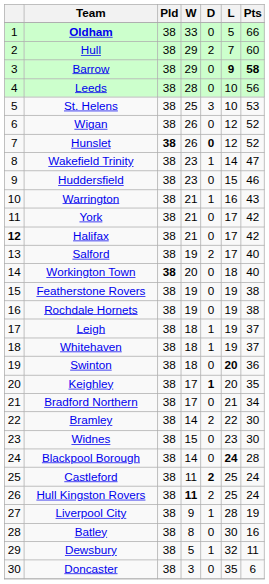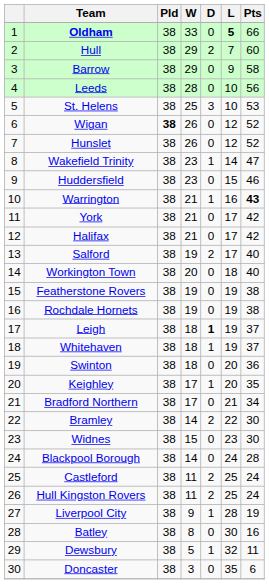 <table class="wikitable" style="text-align:center;">
 <tr>
 <th width=20 abbr="Position"></th>
 <th width=175>Team</th>
 <th width=20 abbr="Played">Pld</th>
 <th width=20 abbr="Won">W</th>
 <th width=20 abbr="Drawn">D</th>
 <th width=20 abbr="Lost">L</th>
 <th width=20 abbr="Points">Pts</th>
 </tr>
 <tr>
 </tr>
 <tr align=center style="background:#ccffcc;color:">
 <td>1</td>
 <td><strong><a href='#'>Oldham</a></strong></td>
 <td>38</td>
 <td>33</td>
 <td>0</td>
-<td>5</td>
+<td><strong>5</strong></td>
 <td>66</td>
 </tr>
 <tr align=center style="background:#ccffcc;color:">
 <td>2</td>
 <td><a href='#'>Hull</a></td>
 <td>38</td>
 <td>29</td>
 <td>2</td>
 <td>7</td>
 <td>60</td>
 </tr>
 <tr align=center style="background:#ccffcc;color:">
 <td>3</td>
 <td><a href='#'>Barrow</a></td>
 <td>38</td>
 <td>29</td>
 <td>0</td>
-<td><strong>9</strong></td>
-<td><strong>58</strong></td>
+<td>9</td>
+<td>58</td>
 </tr>
 <tr align=center style="background:#ccffcc;color:">
 <td>4</td>
 <td><a href='#'>Leeds</a></td>
 <td>38</td>
 <td>28</td>
 <td>0</td>
 <td>10</td>
 <td>56</td>
 </tr>
 <tr align=center style="background:">
 <td>5</td>
 <td><a href='#'>St. Helens</a></td>
 <td>38</td>
 <td>25</td>
 <td>3</td>
 <td>10</td>
 <td>53</td>
 </tr>
 <tr align=center style="background:">
 <td>6</td>
 <td><a href='#'>Wigan</a></td>
-<td>38</td>
+<td><strong>38</strong></td>
 <td>26</td>
 <td>0</td>
 <td>12</td>
 <td>52</td>
 </tr>
 <tr align=center style="background:">
 <td>7</td>
 <td><a href='#'>Hunslet</a></td>
-<td><strong>38</strong></td>
+<td>38</td>
 <td>26</td>
-<td><strong>0</strong></td>
+<td>0</td>
 <td>12</td>
 <td>52</td>
 </tr>
 <tr align=center style="background:">
 <td>8</td>
 <td><a href='#'>Wakefield Trinity</a></td>
 <td>38</td>
 <td>23</td>
 <td>1</td>
 <td>14</td>
 <td>47</td>
 </tr>
 <tr align=center style="background:">
 <td>9</td>
 <td><a href='#'>Huddersfield</a></td>
 <td>38</td>
 <td>23</td>
 <td>0</td>
 <td>15</td>
 <td>46</td>
 </tr>
 <tr align=center style="background:">
 <td>10</td>
 <td><a href='#'>Warrington</a></td>
 <td>38</td>
 <td>21</td>
 <td>1</td>
 <td>16</td>
-<td>43</td>
+<td><strong>43</strong></td>
 </tr>
 <tr align=center style="background:">
 <td>11</td>
 <td><a href='#'>York</a></td>
 <td>38</td>
 <td>21</td>
 <td>0</td>
 <td>17</td>
 <td>42</td>
 </tr>
 <tr align=center style="background:">
-<td><strong>12</strong></td>
+<td>12</td>
 <td><a href='#'>Halifax</a></td>
 <td>38</td>
 <td>21</td>
 <td>0</td>
 <td>17</td>
 <td>42</td>
 </tr>
 <tr align=center style="background:">
 <td>13</td>
 <td><a href='#'>Salford</a></td>
 <td>38</td>
 <td>19</td>
 <td>2</td>
 <td>17</td>
 <td>40</td>
 </tr>
 <tr align=center style="background:">
 <td>14</td>
 <td><a href='#'>Workington Town</a></td>
-<td><strong>38</strong></td>
+<td>38</td>
 <td>20</td>
 <td>0</td>
 <td>18</td>
 <td>40</td>
 </tr>
 <tr align=center style="background:">
 <td>15</td>
 <td><a href='#'>Featherstone Rovers</a></td>
 <td>38</td>
 <td>19</td>
 <td>0</td>
 <td>19</td>
 <td>38</td>
 </tr>
 <tr align=center style="background:">
 <td>16</td>
 <td><a href='#'>Rochdale Hornets</a></td>
 <td>38</td>
 <td>19</td>
 <td>0</td>
 <td>19</td>
 <td>38</td>
 </tr>
 <tr align=center style="background:">
 <td>17</td>
 <td><a href='#'>Leigh</a></td>
 <td>38</td>
 <td>18</td>
-<td>1</td>
+<td><strong>1</strong></td>
 <td>19</td>
 <td>37</td>
 </tr>
 <tr align=center style="background:">
 <td>18</td>
 <td><a href='#'>Whitehaven</a></td>
 <td>38</td>
 <td>18</td>
 <td>1</td>
 <td>19</td>
 <td>37</td>
 </tr>
 <tr align=center style="background:">
 <td>19</td>
 <td><a href='#'>Swinton</a></td>
 <td>38</td>
 <td>18</td>
 <td>0</td>
-<td><strong>20</strong></td>
+<td>20</td>
 <td>36</td>
 </tr>
 <tr align=center style="background:">
 <td>20</td>
 <td><a href='#'>Keighley</a></td>
 <td>38</td>
 <td>17</td>
-<td><strong>1</strong></td>
+<td>1</td>
 <td>20</td>
 <td>35</td>
 </tr>
 <tr align=center style="background:">
 <td>21</td>
 <td><a href='#'>Bradford Northern</a></td>
 <td>38</td>
 <td>17</td>
 <td>0</td>
 <td>21</td>
 <td>34</td>
 </tr>
 <tr align=center style="background:">
 <td>22</td>
 <td><a href='#'>Bramley</a></td>
 <td>38</td>
 <td>14</td>
 <td>2</td>
 <td>22</td>
 <td>30</td>
 </tr>
 <tr align=center style="background:">
 <td>23</td>
 <td><a href='#'>Widnes</a></td>
 <td>38</td>
 <td>15</td>
 <td>0</td>
 <td>23</td>
 <td>30</td>
 </tr>
 <tr align=center style="background:">
 <td>24</td>
 <td><a href='#'>Blackpool Borough</a></td>
 <td>38</td>
 <td>14</td>
 <td>0</td>
-<td><strong>24</strong></td>
+<td>24</td>
 <td>28</td>
 </tr>
 <tr align=center style="background:">
 <td>25</td>
 <td><a href='#'>Castleford</a></td>
 <td>38</td>
 <td>11</td>
-<td><strong>2</strong></td>
+<td>2</td>
 <td>25</td>
 <td>24</td>
 </tr>
 <tr align=center style="background:">
 <td>26</td>
 <td><a href='#'>Hull Kingston Rovers</a></td>
 <td>38</td>
-<td><strong>11</strong></td>
+<td>11</td>
 <td>2</td>
 <td>25</td>
 <td>24</td>
 </tr>
 <tr align=center style="background:">
 <td>27</td>
 <td><a href='#'>Liverpool City</a></td>
 <td>38</td>
 <td>9</td>
 <td>1</td>
 <td>28</td>
 <td>19</td>
 </tr>
 <tr align=center style="background:">
 <td>28</td>
 <td><a href='#'>Batley</a></td>
 <td>38</td>
 <td>8</td>
 <td>0</td>
 <td>30</td>
 <td>16</td>
 </tr>
 <tr align=center style="background:">
 <td>29</td>
 <td><a href='#'>Dewsbury</a></td>
 <td>38</td>
 <td>5</td>
 <td>1</td>
 <td>32</td>
 <td>11</td>
 </tr>
 <tr align=center style="background:">
 <td>30</td>
 <td><a href='#'>Doncaster</a></td>
 <td>38</td>
 <td>3</td>
 <td>0</td>
 <td>35</td>
 <td>6</td>
 </tr>
 <tr>
 </tr>
 </table>
